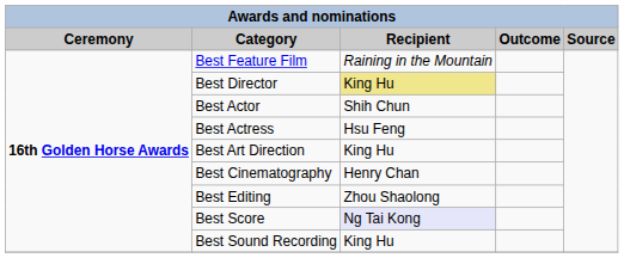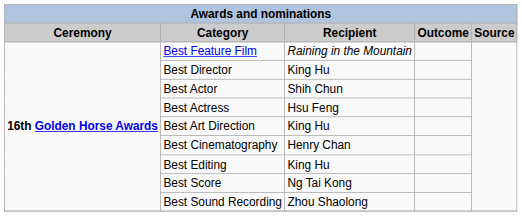 <table class="wikitable" style="font-size:95%;" ;>
 <tr style="background:#ccc; text-align:center;">
 <th colspan="5" style="background: LightSteelBlue;">Awards and nominations</th>
 </tr>
 <tr style="background:#ccc; text-align:center;">
 <th style="background:#ccc">Ceremony</th>
 <th style="background:#ccc">Category</th>
 <th style="background:#ccc">Recipient</th>
 <th style="background:#ccc">Outcome</th>
 <th style="background:#ccc">Source</th>
 </tr>
 <tr>
 <td rowspan=9><strong>16th <a href='#'>Golden Horse Awards</a></strong></td>
 <td><a href='#'>Best Feature Film</a></td>
 <td><em>Raining in the Mountain</em></td>
 <td></td>
 <td rowspan=9></td>
 </tr>
 <tr>
 <td>Best Director</td>
-<td style="background: khaki;">King Hu</td>
+<td>King Hu</td>
 <td></td>
 </tr>
 <tr>
 <td>Best Actor</td>
 <td>Shih Chun</td>
 <td></td>
 </tr>
 <tr>
 <td>Best Actress</td>
 <td>Hsu Feng</td>
 <td></td>
 </tr>
 <tr>
 <td>Best Art Direction</td>
 <td>King Hu</td>
 <td></td>
 </tr>
 <tr>
 <td>Best Cinematography</td>
 <td>Henry Chan</td>
 <td></td>
 </tr>
 <tr>
 <td>Best Editing</td>
-<td>Zhou Shaolong</td>
+<td>King Hu</td>
 <td></td>
 </tr>
 <tr>
 <td>Best Score</td>
-<td style="background: lavender;">Ng Tai Kong</td>
+<td>Ng Tai Kong</td>
 <td></td>
 </tr>
 <tr>
 <td>Best Sound Recording</td>
-<td>King Hu</td>
+<td>Zhou Shaolong</td>
 <td></td>
 </tr>
 <tr>
 </tr>
 </table>
